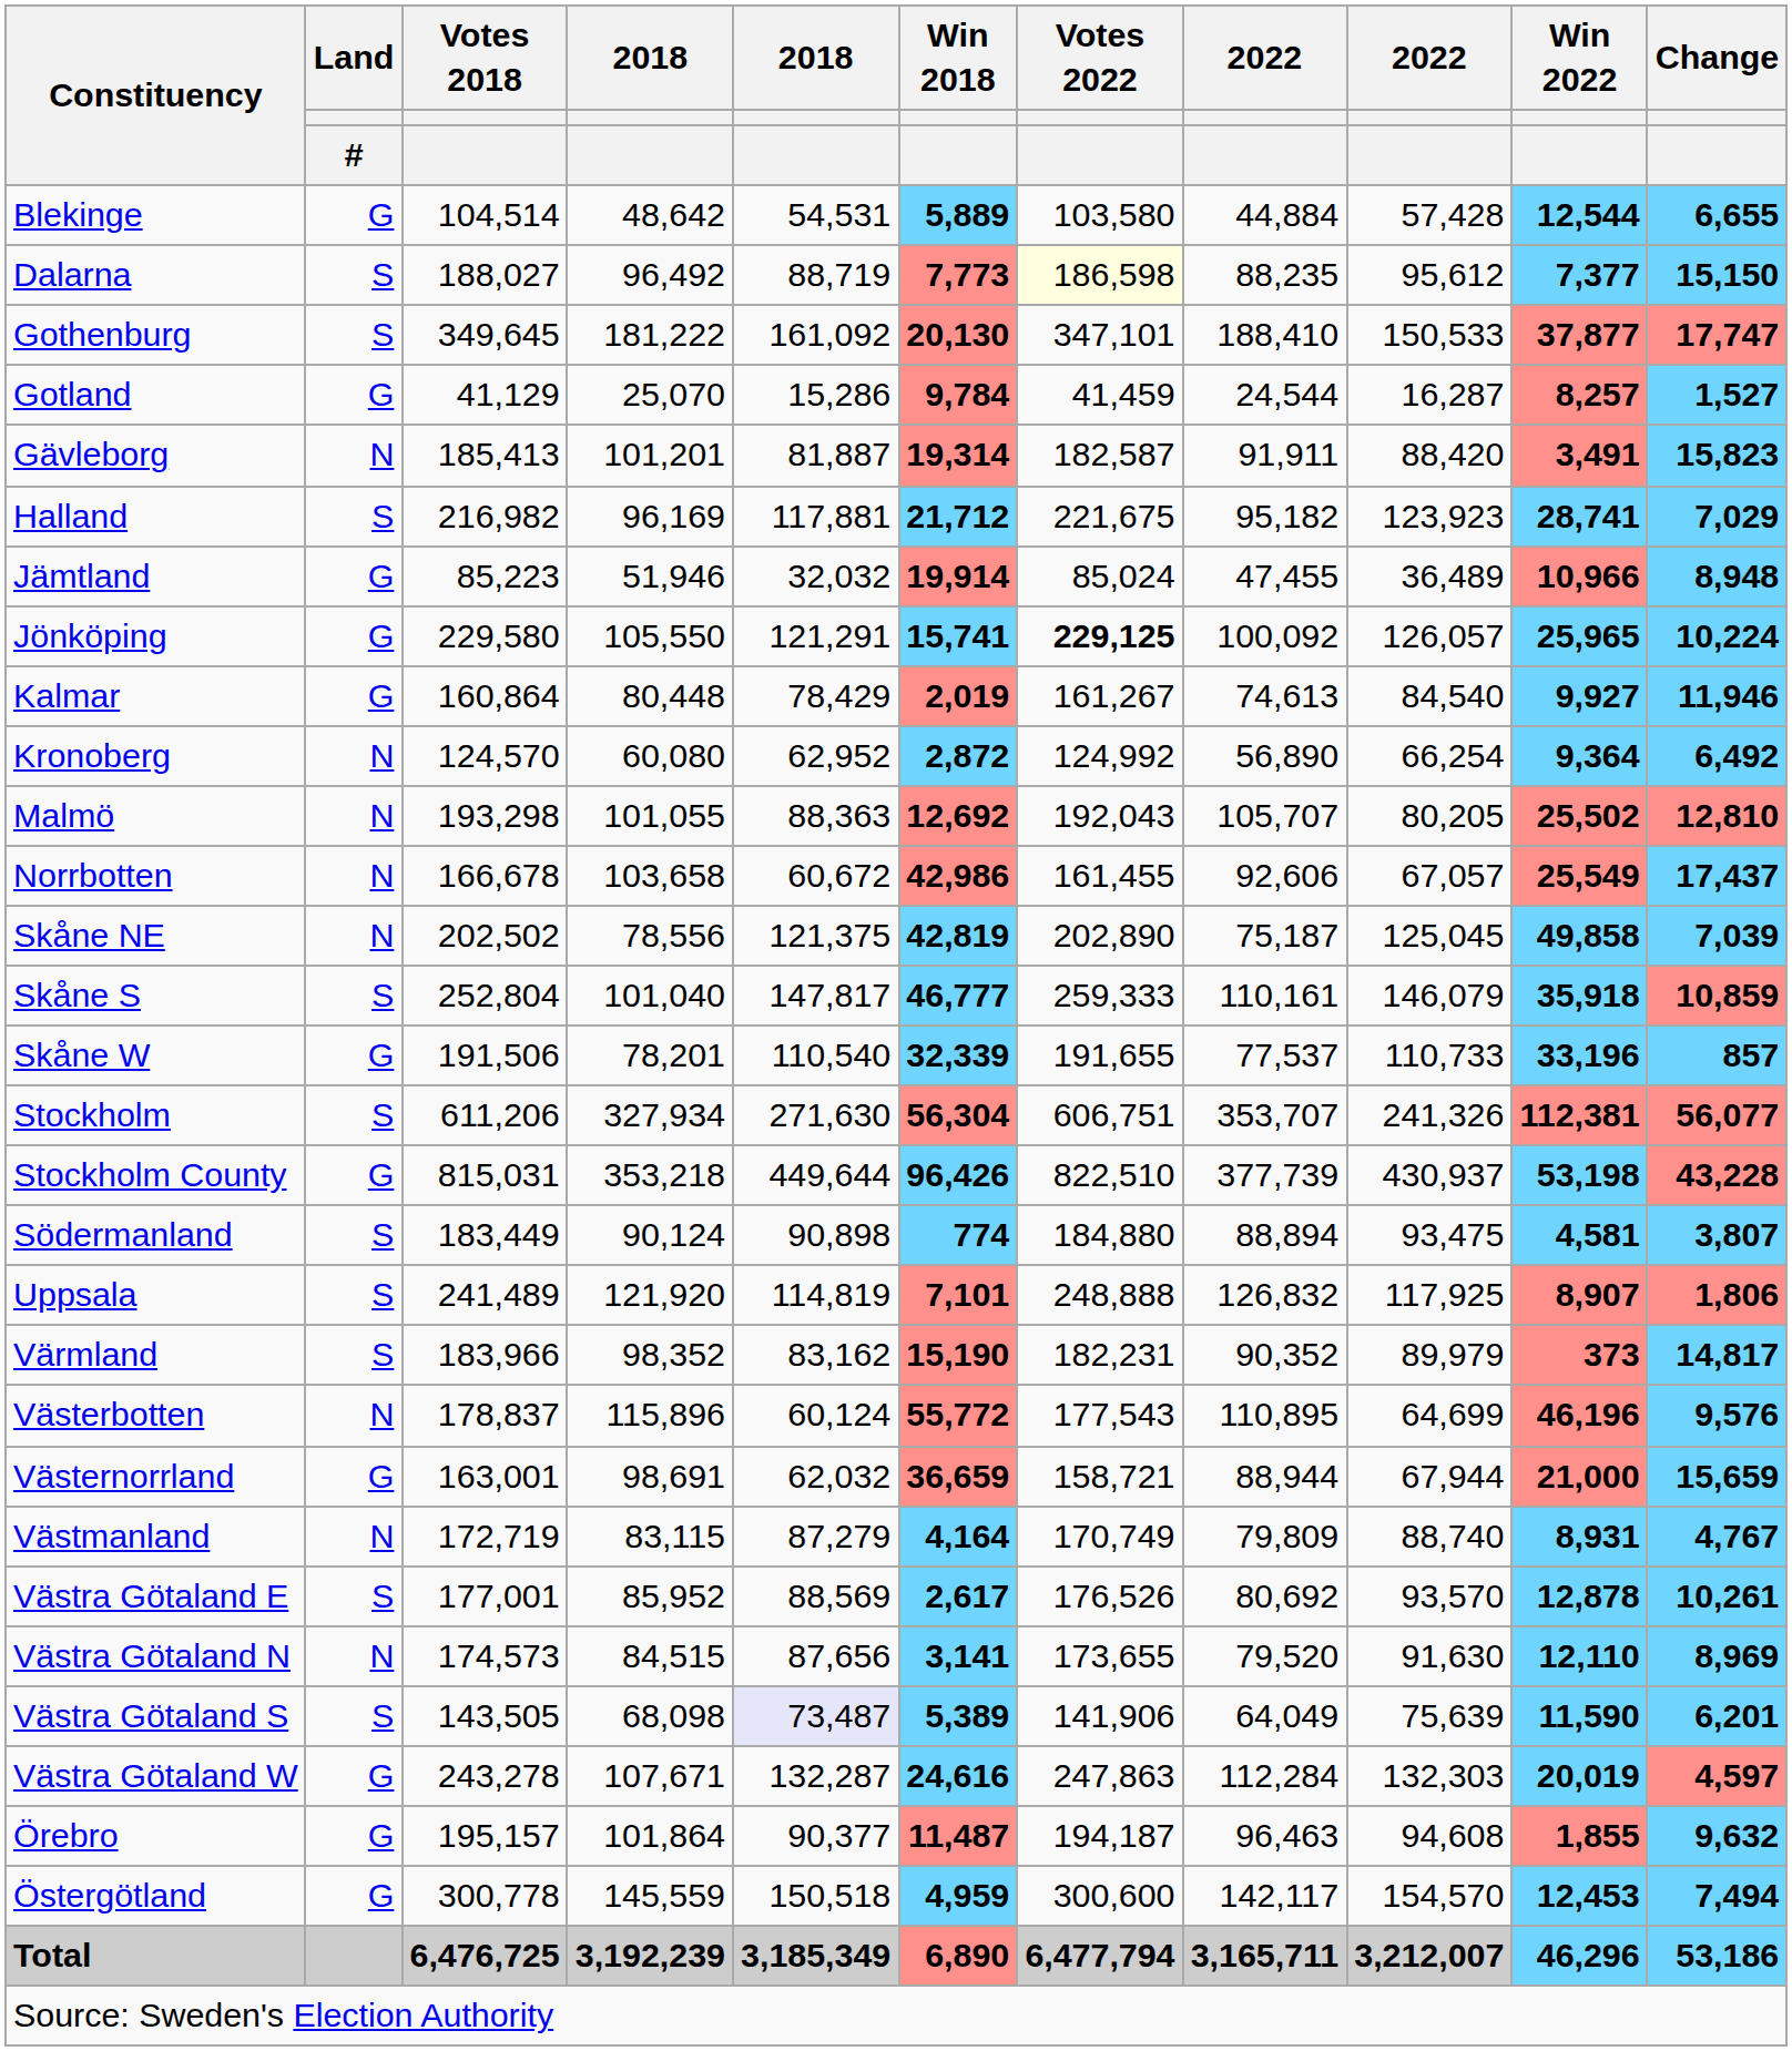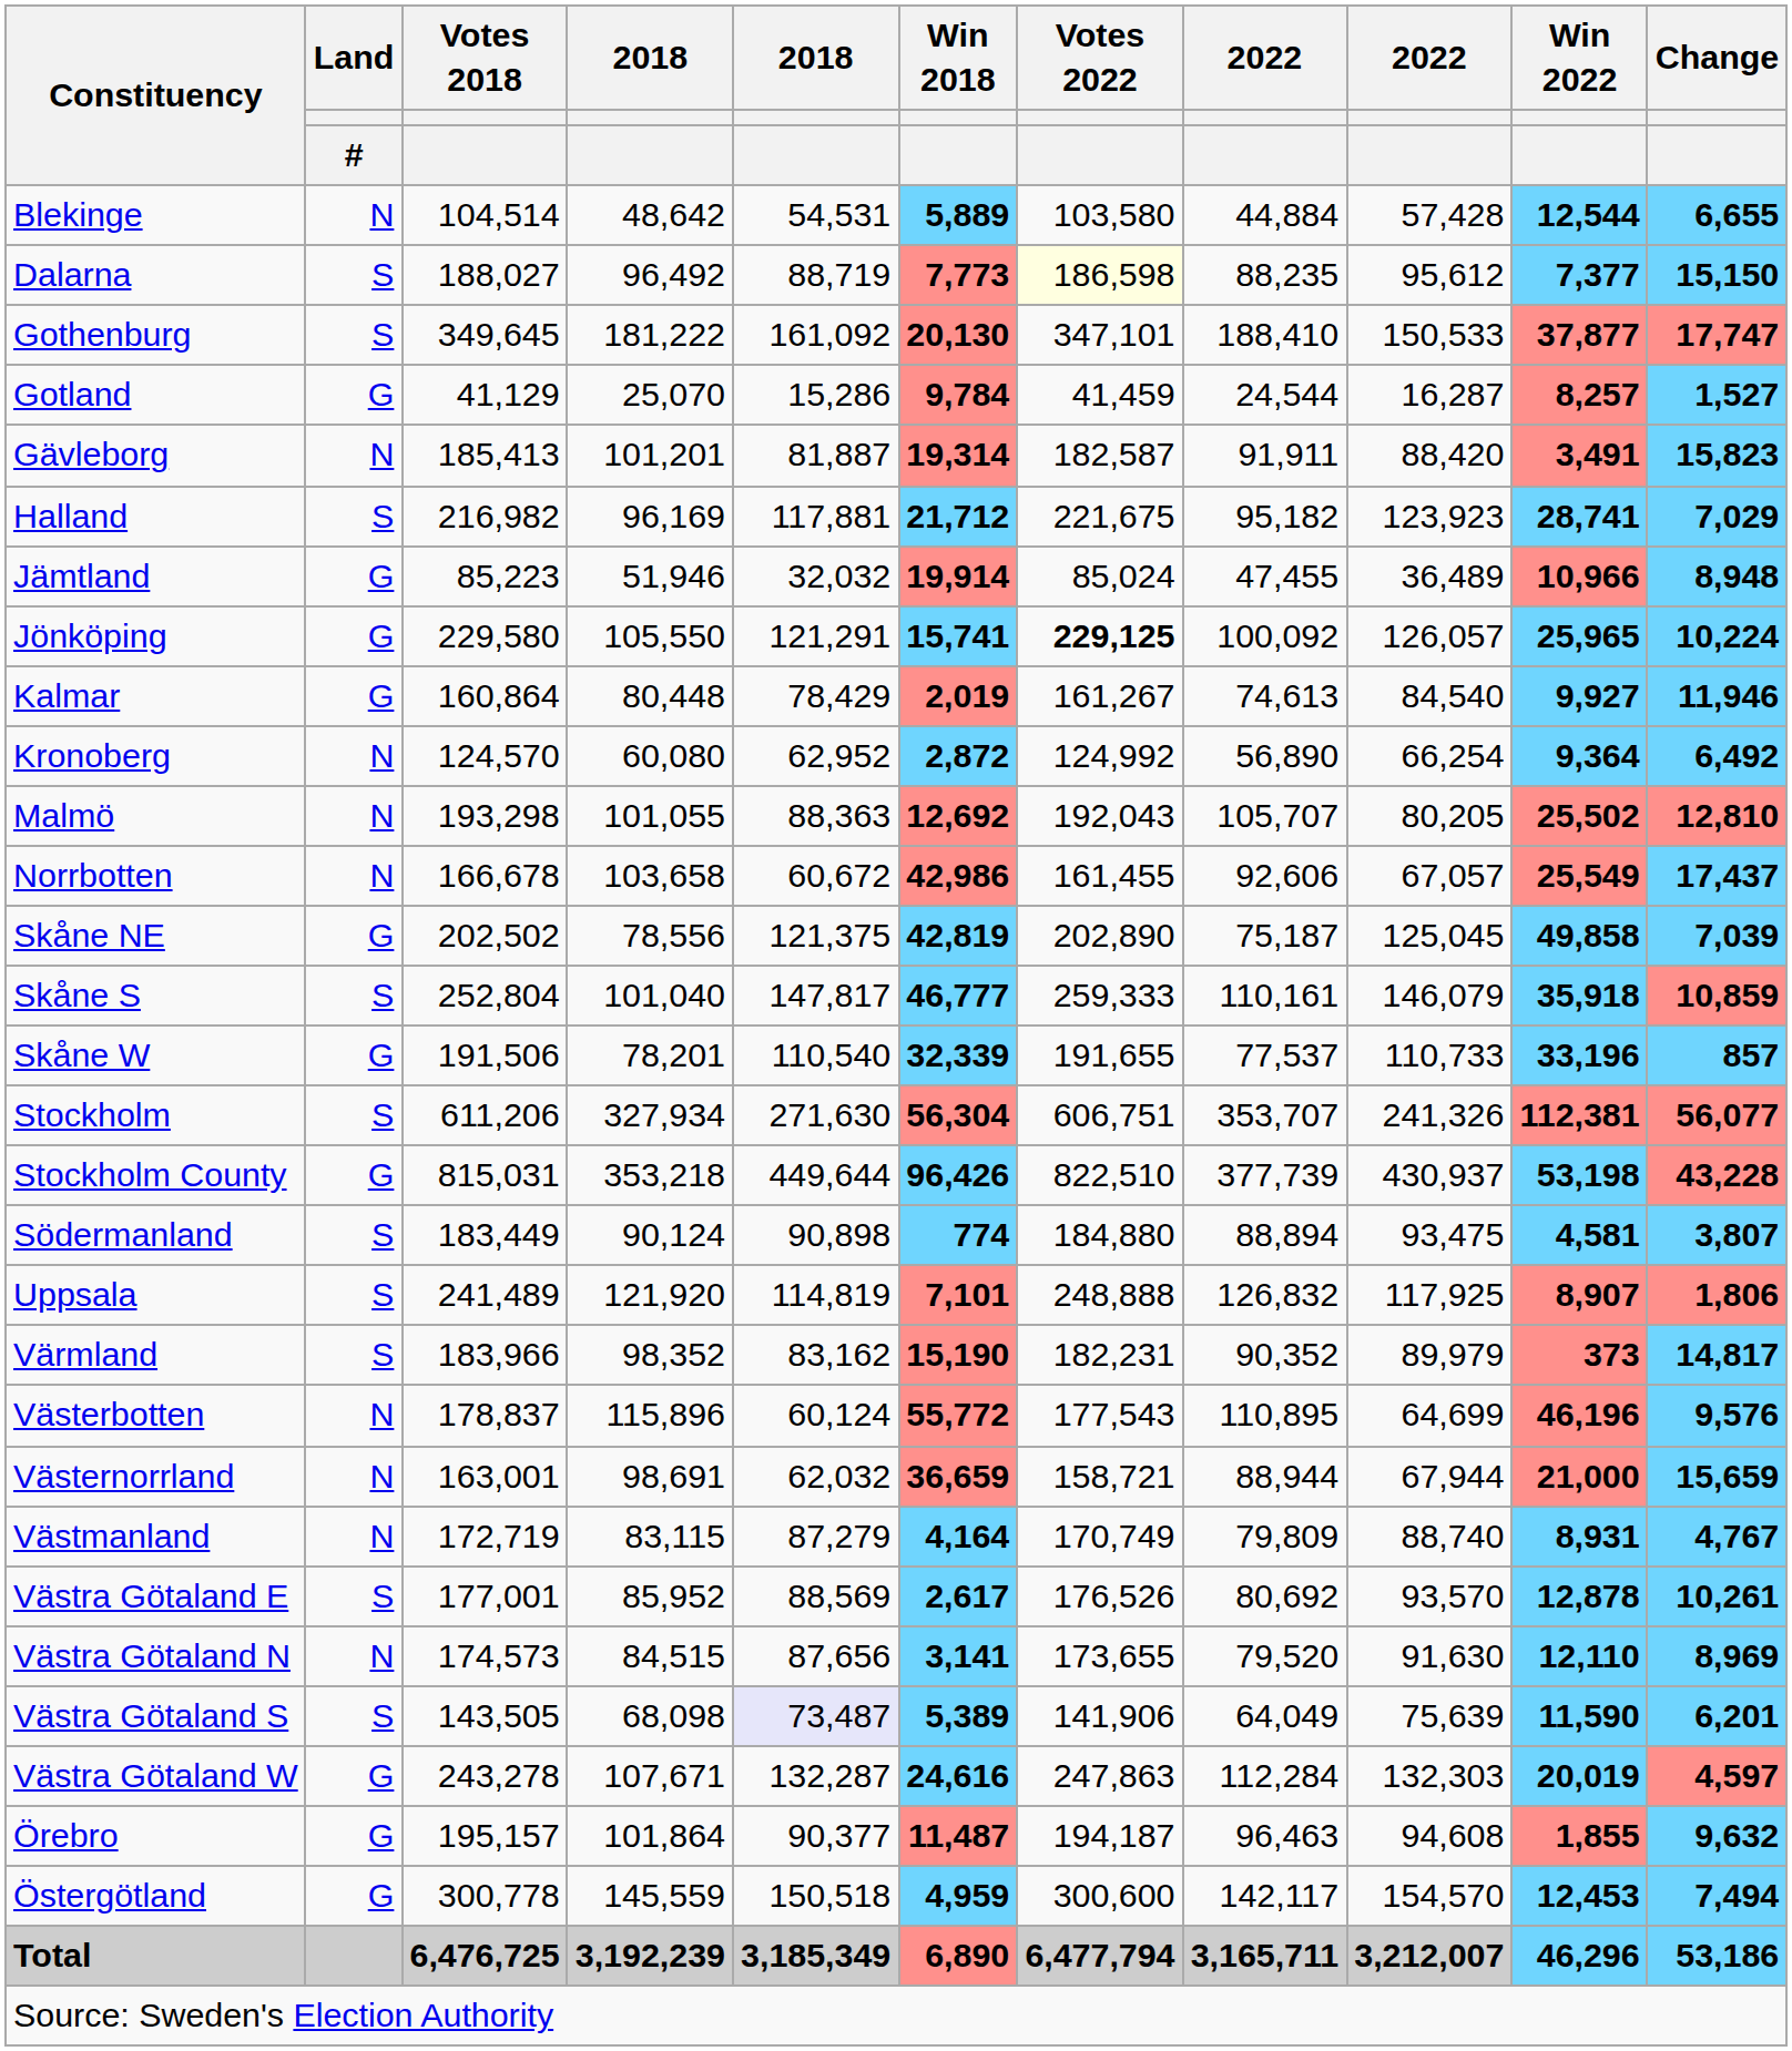 <table class="wikitable sortable" style="text-align:right; font-size:95%; line-height:20px;">
 <tr>
 <th rowspan="3">Constituency</th>
 <th>Land</th>
 <th width="30px" class="unsortable">Votes 2018</th>
 <th> 2018</th>
 <th> 2018</th>
 <th width="30px" class="unsortable">Win 2018</th>
 <th width="30px" class="unsortable">Votes 2022</th>
 <th> 2022</th>
 <th> 2022</th>
 <th width="30px" class="unsortable">Win 2022</th>
 <th width="30px" class="unsortable">Change</th>
 </tr>
 <tr>
 <th></th>
 <th></th>
 <th style="background:"></th>
 <th style="background:"></th>
 <th></th>
 <th></th>
 <th style="background:"></th>
 <th style="background:"></th>
 <th></th>
 <th></th>
 </tr>
 <tr>
 <th data-sort-type="number">#</th>
 <th data-sort-type="number"></th>
 <th data-sort-type="number"></th>
 <th data-sort-type="number"></th>
 <th data-sort-type="number"></th>
 <th data-sort-type="number"></th>
 <th data-sort-type="number"></th>
 <th data-sort-type="number"></th>
 <th data-sort-type="number"></th>
 <th data-sort-type="number"></th>
 </tr>
 <tr>
 <td align="left"><a href='#'>Blekinge</a></td>
-<td><a href='#'>G</a></td>
+<td><a href='#'>N</a></td>
 <td>104,514</td>
 <td>48,642</td>
 <td>54,531</td>
 <td bgcolor=#6fd5fe><strong>5,889</strong></td>
 <td>103,580</td>
 <td>44,884</td>
 <td>57,428</td>
 <td bgcolor=#6fd5fe><strong>12,544</strong></td>
 <td bgcolor=#6fd5fe><strong>6,655</strong></td>
 </tr>
 <tr>
 <td align="left"><a href='#'>Dalarna</a></td>
 <td><a href='#'>S</a></td>
 <td>188,027</td>
 <td>96,492</td>
 <td>88,719</td>
 <td bgcolor=#ff908c><strong>7,773</strong></td>
 <td style="background: lightyellow;">186,598</td>
 <td>88,235</td>
 <td>95,612</td>
 <td bgcolor=#6fd5fe><strong>7,377</strong></td>
 <td bgcolor=#6fd5fe><strong>15,150</strong></td>
 </tr>
 <tr>
 <td align="left"><a href='#'>Gothenburg</a></td>
 <td><a href='#'>S</a></td>
 <td>349,645</td>
 <td>181,222</td>
 <td>161,092</td>
 <td bgcolor=#ff908c><strong>20,130</strong></td>
 <td>347,101</td>
 <td>188,410</td>
 <td>150,533</td>
 <td bgcolor=#ff908c><strong>37,877</strong></td>
 <td bgcolor=#ff908c><strong>17,747</strong></td>
 </tr>
 <tr>
 <td align="left"><a href='#'>Gotland</a></td>
 <td><a href='#'>G</a></td>
 <td>41,129</td>
 <td>25,070</td>
 <td>15,286</td>
 <td bgcolor=#ff908c><strong>9,784</strong></td>
 <td>41,459</td>
 <td>24,544</td>
 <td>16,287</td>
 <td bgcolor=#ff908c><strong>8,257</strong></td>
 <td bgcolor=#6fd5fe><strong>1,527</strong></td>
 </tr>
 <tr>
 <td align="left"><a href='#'>Gävleborg</a></td>
 <td><a href='#'>N</a></td>
 <td>185,413</td>
 <td>101,201</td>
 <td>81,887</td>
 <td bgcolor=#ff908c><strong>19,314</strong></td>
 <td>182,587</td>
 <td>91,911</td>
 <td>88,420</td>
 <td bgcolor=#ff908c><strong>3,491</strong></td>
 <td bgcolor=#6fd5fe><strong>15,823</strong></td>
 </tr>
 <tr>
 <td align="left"><a href='#'>Halland</a></td>
 <td><a href='#'>S</a></td>
 <td>216,982</td>
 <td>96,169</td>
 <td>117,881</td>
 <td bgcolor=#6fd5fe><strong>21,712</strong></td>
 <td>221,675</td>
 <td>95,182</td>
 <td>123,923</td>
 <td bgcolor=#6fd5fe><strong>28,741</strong></td>
 <td bgcolor=#6fd5fe><strong>7,029</strong></td>
 </tr>
 <tr>
 <td align="left"><a href='#'>Jämtland</a></td>
 <td><a href='#'>G</a></td>
 <td>85,223</td>
 <td>51,946</td>
 <td>32,032</td>
 <td bgcolor=#ff908c><strong>19,914</strong></td>
 <td>85,024</td>
 <td>47,455</td>
 <td>36,489</td>
 <td bgcolor=#ff908c><strong>10,966</strong></td>
 <td bgcolor=#6fd5fe><strong>8,948</strong></td>
 </tr>
 <tr>
 <td align="left"><a href='#'>Jönköping</a></td>
 <td><a href='#'>G</a></td>
 <td>229,580</td>
 <td>105,550</td>
 <td>121,291</td>
 <td bgcolor=#6fd5fe><strong>15,741</strong></td>
 <td><strong>229,125</strong></td>
 <td>100,092</td>
 <td>126,057</td>
 <td bgcolor=#6fd5fe><strong>25,965</strong></td>
 <td bgcolor=#6fd5fe><strong>10,224</strong></td>
 </tr>
 <tr>
 <td align="left"><a href='#'>Kalmar</a></td>
 <td><a href='#'>G</a></td>
 <td>160,864</td>
 <td>80,448</td>
 <td>78,429</td>
 <td bgcolor=#ff908c><strong>2,019</strong></td>
 <td>161,267</td>
 <td>74,613</td>
 <td>84,540</td>
 <td bgcolor=#6fd5fe><strong>9,927</strong></td>
 <td bgcolor=#6fd5fe><strong>11,946</strong></td>
 </tr>
 <tr>
 <td align="left"><a href='#'>Kronoberg</a></td>
 <td><a href='#'>N</a></td>
 <td>124,570</td>
 <td>60,080</td>
 <td>62,952</td>
 <td bgcolor=#6fd5fe><strong>2,872</strong></td>
 <td>124,992</td>
 <td>56,890</td>
 <td>66,254</td>
 <td bgcolor=#6fd5fe><strong>9,364</strong></td>
 <td bgcolor=#6fd5fe><strong>6,492</strong></td>
 </tr>
 <tr>
 <td align="left"><a href='#'>Malmö</a></td>
 <td><a href='#'>N</a></td>
 <td>193,298</td>
 <td>101,055</td>
 <td>88,363</td>
 <td bgcolor=#ff908c><strong>12,692</strong></td>
 <td>192,043</td>
 <td>105,707</td>
 <td>80,205</td>
 <td bgcolor=#ff908c><strong>25,502</strong></td>
 <td bgcolor=#ff908c><strong>12,810</strong></td>
 </tr>
 <tr>
 <td align="left"><a href='#'>Norrbotten</a></td>
 <td><a href='#'>N</a></td>
 <td>166,678</td>
 <td>103,658</td>
 <td>60,672</td>
 <td bgcolor=#ff908c><strong>42,986</strong></td>
 <td>161,455</td>
 <td>92,606</td>
 <td>67,057</td>
 <td bgcolor=#ff908c><strong>25,549</strong></td>
 <td bgcolor=#6fd5fe><strong>17,437</strong></td>
 </tr>
 <tr>
 <td align="left"><a href='#'>Skåne NE</a></td>
-<td><a href='#'>N</a></td>
+<td><a href='#'>G</a></td>
 <td>202,502</td>
 <td>78,556</td>
 <td>121,375</td>
 <td bgcolor=#6fd5fe><strong>42,819</strong></td>
 <td>202,890</td>
 <td>75,187</td>
 <td>125,045</td>
 <td bgcolor=#6fd5fe><strong>49,858</strong></td>
 <td bgcolor=#6fd5fe><strong>7,039</strong></td>
 </tr>
 <tr>
 <td align="left"><a href='#'>Skåne S</a></td>
 <td><a href='#'>S</a></td>
 <td>252,804</td>
 <td>101,040</td>
 <td>147,817</td>
 <td bgcolor=#6fd5fe><strong>46,777</strong></td>
 <td>259,333</td>
 <td>110,161</td>
 <td>146,079</td>
 <td bgcolor=#6fd5fe><strong>35,918</strong></td>
 <td bgcolor=#ff908c><strong>10,859</strong></td>
 </tr>
 <tr>
 <td align="left"><a href='#'>Skåne W</a></td>
 <td><a href='#'>G</a></td>
 <td>191,506</td>
 <td>78,201</td>
 <td>110,540</td>
 <td bgcolor=#6fd5fe><strong>32,339</strong></td>
 <td>191,655</td>
 <td>77,537</td>
 <td>110,733</td>
 <td bgcolor=#6fd5fe><strong>33,196</strong></td>
 <td bgcolor=#6fd5fe><strong>857</strong></td>
 </tr>
 <tr>
 <td align="left"><a href='#'>Stockholm</a></td>
 <td><a href='#'>S</a></td>
 <td>611,206</td>
 <td>327,934</td>
 <td>271,630</td>
 <td bgcolor=#ff908c><strong>56,304</strong></td>
 <td>606,751</td>
 <td>353,707</td>
 <td>241,326</td>
 <td bgcolor=#ff908c><strong>112,381</strong></td>
 <td bgcolor=#ff908c><strong>56,077</strong></td>
 </tr>
 <tr>
 <td align="left"><a href='#'>Stockholm County</a></td>
 <td><a href='#'>G</a></td>
 <td>815,031</td>
 <td>353,218</td>
 <td>449,644</td>
 <td bgcolor=#6fd5fe><strong>96,426</strong></td>
 <td>822,510</td>
 <td>377,739</td>
 <td>430,937</td>
 <td bgcolor=#6fd5fe><strong>53,198</strong></td>
 <td bgcolor=#ff908c><strong>43,228</strong></td>
 </tr>
 <tr>
 <td align="left"><a href='#'>Södermanland</a></td>
 <td><a href='#'>S</a></td>
 <td>183,449</td>
 <td>90,124</td>
 <td>90,898</td>
 <td bgcolor=#6fd5fe><strong>774</strong></td>
 <td>184,880</td>
 <td>88,894</td>
 <td>93,475</td>
 <td bgcolor=#6fd5fe><strong>4,581</strong></td>
 <td bgcolor=#6fd5fe><strong>3,807</strong></td>
 </tr>
 <tr>
 <td align="left"><a href='#'>Uppsala</a></td>
 <td><a href='#'>S</a></td>
 <td>241,489</td>
 <td>121,920</td>
 <td>114,819</td>
 <td bgcolor=#ff908c><strong>7,101</strong></td>
 <td>248,888</td>
 <td>126,832</td>
 <td>117,925</td>
 <td bgcolor=#ff908c><strong>8,907</strong></td>
 <td bgcolor=#ff908c><strong>1,806</strong></td>
 </tr>
 <tr>
 <td align="left"><a href='#'>Värmland</a></td>
 <td><a href='#'>S</a></td>
 <td>183,966</td>
 <td>98,352</td>
 <td>83,162</td>
 <td bgcolor=#ff908c><strong>15,190</strong></td>
 <td>182,231</td>
 <td>90,352</td>
 <td>89,979</td>
 <td bgcolor=#ff908c><strong>373</strong></td>
 <td bgcolor=#6fd5fe><strong>14,817</strong></td>
 </tr>
 <tr>
 <td align="left"><a href='#'>Västerbotten</a></td>
 <td><a href='#'>N</a></td>
 <td>178,837</td>
 <td>115,896</td>
 <td>60,124</td>
 <td bgcolor=#ff908c><strong>55,772</strong></td>
 <td>177,543</td>
 <td>110,895</td>
 <td>64,699</td>
 <td bgcolor=#ff908c><strong>46,196</strong></td>
 <td bgcolor=#6fd5fe><strong>9,576</strong></td>
 </tr>
 <tr>
 <td align="left"><a href='#'>Västernorrland</a></td>
-<td><a href='#'>G</a></td>
+<td><a href='#'>N</a></td>
 <td>163,001</td>
 <td>98,691</td>
 <td>62,032</td>
 <td bgcolor=#ff908c><strong>36,659</strong></td>
 <td>158,721</td>
 <td>88,944</td>
 <td>67,944</td>
 <td bgcolor=#ff908c><strong>21,000</strong></td>
 <td bgcolor=#6fd5fe><strong>15,659</strong></td>
 </tr>
 <tr>
 <td align="left"><a href='#'>Västmanland</a></td>
 <td><a href='#'>N</a></td>
 <td>172,719</td>
 <td>83,115</td>
 <td>87,279</td>
 <td bgcolor=#6fd5fe><strong>4,164</strong></td>
 <td>170,749</td>
 <td>79,809</td>
 <td>88,740</td>
 <td bgcolor=#6fd5fe><strong>8,931</strong></td>
 <td bgcolor=#6fd5fe><strong>4,767</strong></td>
 </tr>
 <tr>
 <td align="left"><a href='#'>Västra Götaland E</a></td>
 <td><a href='#'>S</a></td>
 <td>177,001</td>
 <td>85,952</td>
 <td>88,569</td>
 <td bgcolor=#6fd5fe><strong>2,617</strong></td>
 <td>176,526</td>
 <td>80,692</td>
 <td>93,570</td>
 <td bgcolor=#6fd5fe><strong>12,878</strong></td>
 <td bgcolor=#6fd5fe><strong>10,261</strong></td>
 </tr>
 <tr>
 <td align="left"><a href='#'>Västra Götaland N</a></td>
 <td><a href='#'>N</a></td>
 <td>174,573</td>
 <td>84,515</td>
 <td>87,656</td>
 <td bgcolor=#6fd5fe><strong>3,141</strong></td>
 <td>173,655</td>
 <td>79,520</td>
 <td>91,630</td>
 <td bgcolor=#6fd5fe><strong>12,110</strong></td>
 <td bgcolor=#6fd5fe><strong>8,969</strong></td>
 </tr>
 <tr>
 <td align="left"><a href='#'>Västra Götaland S</a></td>
 <td><a href='#'>S</a></td>
 <td>143,505</td>
 <td>68,098</td>
 <td style="background: lavender;">73,487</td>
 <td bgcolor=#6fd5fe><strong>5,389</strong></td>
 <td>141,906</td>
 <td>64,049</td>
 <td>75,639</td>
 <td bgcolor=#6fd5fe><strong>11,590</strong></td>
 <td bgcolor=#6fd5fe><strong>6,201</strong></td>
 </tr>
 <tr>
 <td align="left"><a href='#'>Västra Götaland W</a></td>
 <td><a href='#'>G</a></td>
 <td>243,278</td>
 <td>107,671</td>
 <td>132,287</td>
 <td bgcolor=#6fd5fe><strong>24,616</strong></td>
 <td>247,863</td>
 <td>112,284</td>
 <td>132,303</td>
 <td bgcolor=#6fd5fe><strong>20,019</strong></td>
 <td bgcolor=#ff908c><strong>4,597</strong></td>
 </tr>
 <tr>
 <td align="left"><a href='#'>Örebro</a></td>
 <td><a href='#'>G</a></td>
 <td>195,157</td>
 <td>101,864</td>
 <td>90,377</td>
 <td bgcolor=#ff908c><strong>11,487</strong></td>
 <td>194,187</td>
 <td>96,463</td>
 <td>94,608</td>
 <td bgcolor=#ff908c><strong>1,855</strong></td>
 <td bgcolor=#6fd5fe><strong>9,632</strong></td>
 </tr>
 <tr>
 <td align="left"><a href='#'>Östergötland</a></td>
 <td><a href='#'>G</a></td>
 <td>300,778</td>
 <td>145,559</td>
 <td>150,518</td>
 <td bgcolor=#6fd5fe><strong>4,959</strong></td>
 <td>300,600</td>
 <td>142,117</td>
 <td>154,570</td>
 <td bgcolor=#6fd5fe><strong>12,453</strong></td>
 <td bgcolor=#6fd5fe><strong>7,494</strong></td>
 </tr>
 <tr>
 </tr>
 <tr style="background:#CDCDCD;">
 <td align="left"><strong>Total</strong></td>
 <td></td>
 <td><strong>6,476,725</strong></td>
 <td><strong>3,192,239</strong></td>
 <td><strong>3,185,349</strong></td>
 <td bgcolor=#ff908c><strong>6,890</strong></td>
 <td><strong>6,477,794</strong></td>
 <td><strong>3,165,711</strong></td>
 <td><strong>3,212,007</strong></td>
 <td bgcolor=#6fd5fe><strong>46,296</strong></td>
 <td bgcolor=#6fd5fe><strong>53,186</strong></td>
 </tr>
 <tr>
 <td colspan="11" align="left">Source: Sweden's <a href='#'>Election Authority</a></td>
 </tr>
 </table>
